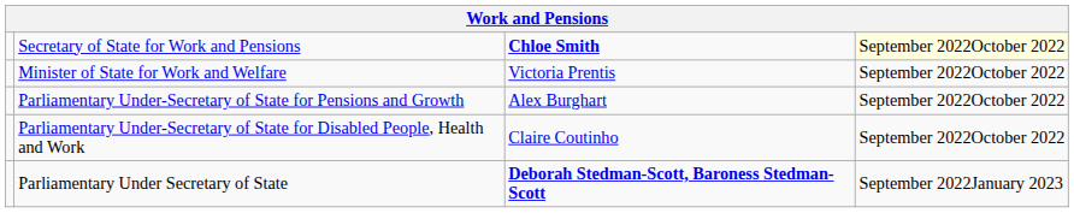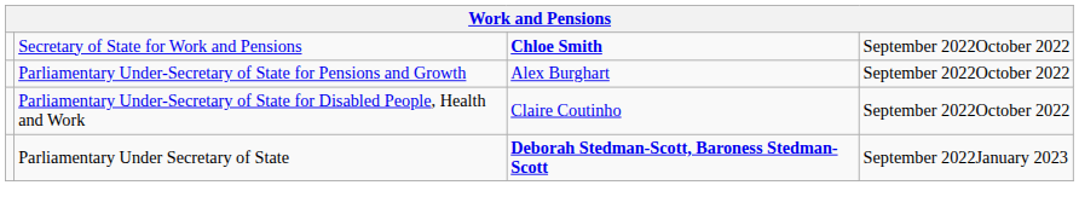 <table class="wikitable">
 <tr>
 <th colspan="4"><a href='#'>Work and Pensions</a></th>
 </tr>
 <tr>
 <td style="width: 1px; background: "></td>
 <td style="width: 450px;"><a href='#'>Secretary of State for Work and Pensions</a></td>
 <td><strong><a href='#'>Chloe Smith</a></strong></td>
-<td style="background: lightyellow;">September 2022October 2022</td>
-</tr>
-<tr>
-<td style="width: 1px; background: "></td>
-<td style="width: 450px;"><a href='#'>Minister of State for Work and Welfare</a></td>
-<td style="width: 320px;"><a href='#'>Victoria Prentis</a></td>
 <td>September 2022October 2022</td>
 </tr>
 <tr>
 <td rowspan="1" style="width: 1px; background: "></td>
 <td rowspan="1"><a href='#'>Parliamentary Under-Secretary of State for Pensions and Growth</a></td>
 <td><a href='#'>Alex Burghart</a></td>
 <td>September 2022October 2022</td>
 </tr>
 <tr>
 <td rowspan="1" style="width: 1px; background: "></td>
 <td rowspan="1"><a href='#'>Parliamentary Under-Secretary of State for Disabled People</a>, Health and Work</td>
 <td><a href='#'>Claire Coutinho</a></td>
 <td>September 2022October 2022</td>
 </tr>
 <tr>
 <td style="width: 1px; background: "></td>
 <td rowspan="1">Parliamentary Under Secretary of State</td>
 <td style="width: 320px;"><strong><a href='#'>Deborah Stedman-Scott, Baroness Stedman-Scott</a> </strong></td>
 <td>September 2022January 2023</td>
 </tr>
 </table>
